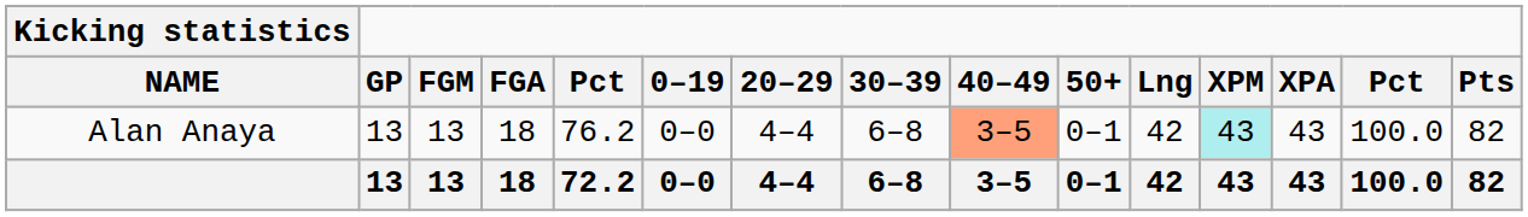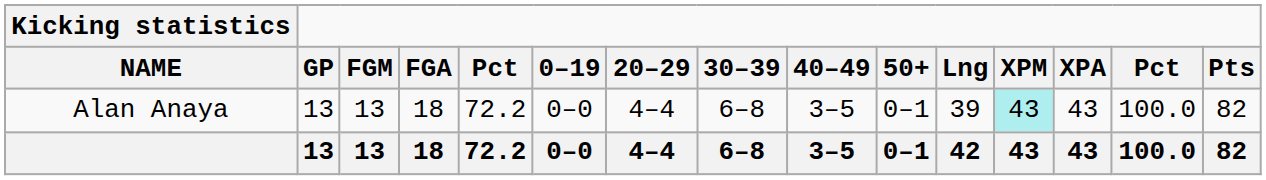 <table class="wikitable sortable" style="text-align:center;">
 <tr>
 <th style="text-align:center; ">Kicking statistics</th>
 </tr>
 <tr>
 <th>NAME</th>
 <th>GP</th>
 <th>FGM</th>
 <th>FGA</th>
 <th>Pct</th>
 <th>0–19</th>
 <th>20–29</th>
 <th>30–39</th>
 <th>40–49</th>
 <th>50+</th>
 <th>Lng</th>
 <th>XPM</th>
 <th>XPA</th>
 <th>Pct</th>
 <th>Pts</th>
 </tr>
 <tr>
 <td>Alan Anaya</td>
 <td>13</td>
 <td>13</td>
 <td>18</td>
-<td>76.2</td>
+<td>72.2</td>
 <td>0–0</td>
 <td>4–4</td>
 <td>6–8</td>
-<td style="background: lightsalmon;">3–5</td>
+<td>3–5</td>
 <td>0–1</td>
-<td>42</td>
+<td>39</td>
 <td style="background: paleturquoise;">43</td>
 <td>43</td>
 <td>100.0</td>
 <td>82</td>
 </tr>
 <tr>
 <th colspan="1"></th>
 <th>13</th>
 <th>13</th>
 <th>18</th>
 <th>72.2</th>
 <th>0–0</th>
 <th>4–4</th>
 <th>6–8</th>
 <th>3–5</th>
 <th>0–1</th>
 <th>42</th>
 <th>43</th>
 <th>43</th>
 <th>100.0</th>
 <th>82</th>
 </tr>
 </table>
